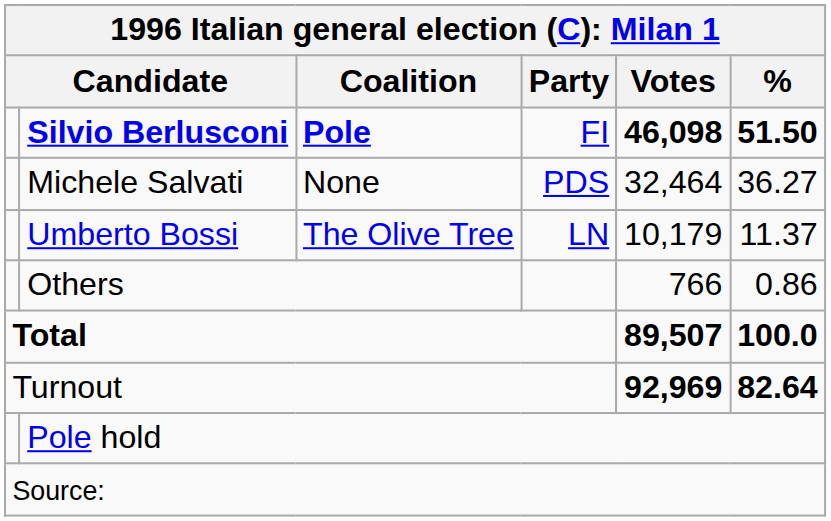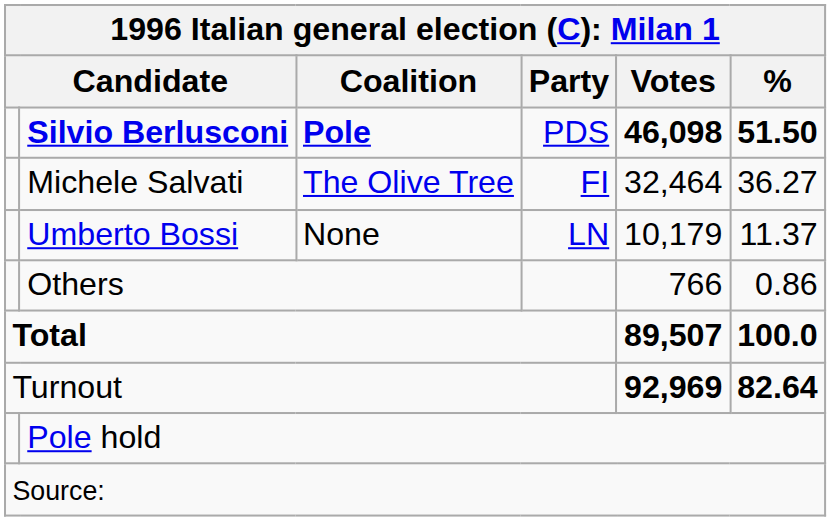 <table class=wikitable style="text-align:right">
 <tr>
 <th colspan=6>1996 Italian general election (<a href='#'>C</a>): <a href='#'>Milan 1</a></th>
 </tr>
 <tr>
 <th colspan=2>Candidate</th>
 <th>Coalition</th>
 <th>Party</th>
 <th>Votes</th>
 <th>%</th>
 </tr>
 <tr>
 <td></td>
 <td align=left><strong><a href='#'>Silvio Berlusconi</a></strong></td>
 <td align=left><strong><a href='#'>Pole</a></strong></td>
-<td><a href='#'>FI</a></td>
+<td><a href='#'>PDS</a></td>
 <td><strong>46,098</strong></td>
 <td><strong>51.50</strong></td>
 </tr>
 <tr>
 <td></td>
 <td align=left>Michele Salvati</td>
-<td align=left>None</td>
-<td><a href='#'>PDS</a></td>
+<td align=left><a href='#'>The Olive Tree</a></td>
+<td><a href='#'>FI</a></td>
 <td>32,464</td>
 <td>36.27</td>
 </tr>
 <tr>
 <td></td>
 <td align=left><a href='#'>Umberto Bossi</a></td>
-<td align=left><a href='#'>The Olive Tree</a></td>
+<td align=left>None</td>
 <td><a href='#'>LN</a></td>
 <td>10,179</td>
 <td>11.37</td>
 </tr>
 <tr>
 <td></td>
 <td align=left colspan=2>Others</td>
 <td></td>
 <td>766</td>
 <td>0.86</td>
 </tr>
 <tr>
 <td align=left colspan=4><strong>Total</strong></td>
 <td><strong>89,507</strong></td>
 <td><strong>100.0</strong></td>
 </tr>
 <tr>
 <td align=left colspan=4>Turnout</td>
 <td><strong>92,969</strong></td>
 <td><strong>82.64</strong></td>
 </tr>
 <tr>
 <td></td>
 <td align=left colspan=5><a href='#'>Pole</a> hold</td>
 </tr>
 <tr>
 <td align=left colspan=6><small>Source: </small></td>
 </tr>
 </table>
